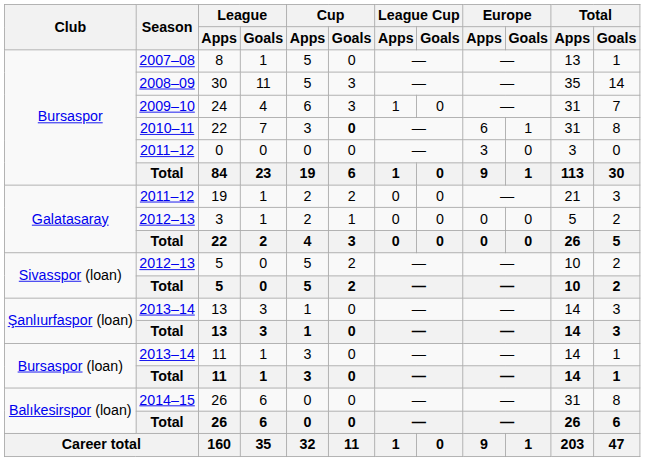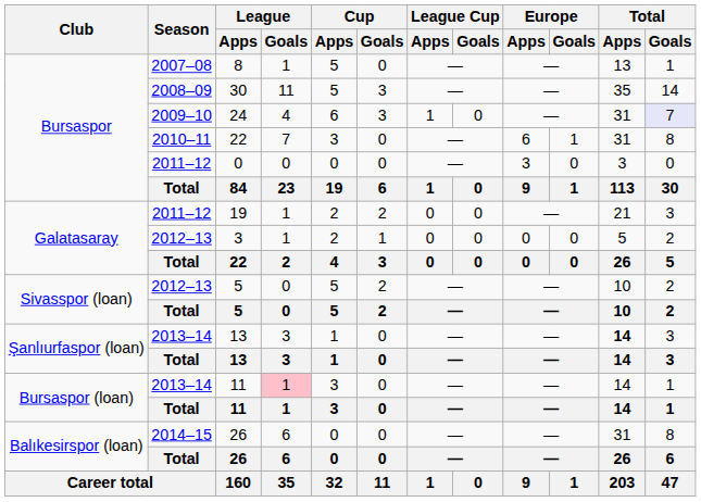 <table class="wikitable" style="text-align: center;">
 <tr>
 <th rowspan="2">Club</th>
 <th rowspan="2">Season</th>
 <th colspan="2">League</th>
 <th colspan="2">Cup</th>
 <th colspan="2">League Cup</th>
 <th colspan="2">Europe</th>
 <th colspan="2">Total</th>
 </tr>
 <tr>
 <th>Apps</th>
 <th>Goals</th>
 <th>Apps</th>
 <th>Goals</th>
 <th>Apps</th>
 <th>Goals</th>
 <th>Apps</th>
 <th>Goals</th>
 <th>Apps</th>
 <th>Goals</th>
 </tr>
 <tr>
 <td rowspan="6" valign="center"><a href='#'>Bursaspor</a></td>
 <td><a href='#'>2007–08</a></td>
 <td>8</td>
 <td>1</td>
 <td>5</td>
 <td>0</td>
 <td colspan="2">—</td>
 <td colspan="2">—</td>
 <td>13</td>
 <td>1</td>
 </tr>
 <tr>
 <td><a href='#'>2008–09</a></td>
 <td>30</td>
 <td>11</td>
 <td>5</td>
 <td>3</td>
 <td colspan="2">—</td>
 <td colspan="2">—</td>
 <td>35</td>
 <td>14</td>
 </tr>
 <tr>
 <td><a href='#'>2009–10</a></td>
 <td>24</td>
 <td>4</td>
 <td>6</td>
 <td>3</td>
 <td>1</td>
 <td>0</td>
 <td colspan="2">—</td>
 <td>31</td>
-<td>7</td>
+<td style="background: lavender;">7</td>
 </tr>
 <tr>
 <td><a href='#'>2010–11</a></td>
 <td>22</td>
 <td>7</td>
 <td>3</td>
-<td><strong>0</strong></td>
+<td>0</td>
 <td colspan="2">—</td>
 <td>6</td>
 <td>1</td>
 <td>31</td>
 <td>8</td>
 </tr>
 <tr>
 <td><a href='#'>2011–12</a></td>
 <td>0</td>
 <td>0</td>
 <td>0</td>
 <td>0</td>
 <td colspan="2">—</td>
 <td>3</td>
 <td>0</td>
 <td>3</td>
 <td>0</td>
 </tr>
 <tr>
 <th>Total</th>
 <th>84</th>
 <th>23</th>
 <th>19</th>
 <th>6</th>
 <th>1</th>
 <th>0</th>
 <th>9</th>
 <th>1</th>
 <th>113</th>
 <th>30</th>
 </tr>
 <tr>
 <td rowspan="3" valign="center"><a href='#'>Galatasaray</a></td>
 <td><a href='#'>2011–12</a></td>
 <td>19</td>
 <td>1</td>
 <td>2</td>
 <td>2</td>
 <td>0</td>
 <td>0</td>
 <td colspan="2">—</td>
 <td>21</td>
 <td>3</td>
 </tr>
 <tr>
 <td><a href='#'>2012–13</a></td>
 <td>3</td>
 <td>1</td>
 <td>2</td>
 <td>1</td>
 <td>0</td>
 <td>0</td>
 <td>0</td>
 <td>0</td>
 <td>5</td>
 <td>2</td>
 </tr>
 <tr>
 <th>Total</th>
 <th>22</th>
 <th>2</th>
 <th>4</th>
 <th>3</th>
 <th>0</th>
 <th>0</th>
 <th>0</th>
 <th>0</th>
 <th>26</th>
 <th>5</th>
 </tr>
 <tr>
 <td rowspan="2" valign="center"><a href='#'>Sivasspor</a> (loan)</td>
 <td><a href='#'>2012–13</a></td>
 <td>5</td>
 <td>0</td>
 <td>5</td>
 <td>2</td>
 <td colspan="2">—</td>
 <td colspan="2">—</td>
 <td>10</td>
 <td>2</td>
 </tr>
 <tr>
 <th>Total</th>
 <th>5</th>
 <th>0</th>
 <th>5</th>
 <th>2</th>
 <th colspan="2">—</th>
 <th colspan="2">—</th>
 <th>10</th>
 <th>2</th>
 </tr>
 <tr>
 <td rowspan="2" valign="center"><a href='#'>Şanlıurfaspor</a> (loan)</td>
 <td><a href='#'>2013–14</a></td>
 <td>13</td>
 <td>3</td>
 <td>1</td>
 <td>0</td>
 <td colspan="2">—</td>
 <td colspan="2">—</td>
-<td>14</td>
+<td><strong>14</strong></td>
 <td>3</td>
 </tr>
 <tr>
 <th>Total</th>
 <th>13</th>
 <th>3</th>
 <th>1</th>
 <th>0</th>
 <th colspan="2">—</th>
 <th colspan="2">—</th>
 <th>14</th>
 <th>3</th>
 </tr>
 <tr>
 <td rowspan="2" valign="center"><a href='#'>Bursaspor</a> (loan)</td>
 <td><a href='#'>2013–14</a></td>
 <td>11</td>
-<td>1</td>
+<td style="background: pink;">1</td>
 <td>3</td>
 <td>0</td>
 <td colspan="2">—</td>
 <td colspan="2">—</td>
 <td>14</td>
 <td>1</td>
 </tr>
 <tr>
 <th>Total</th>
 <th>11</th>
 <th>1</th>
 <th>3</th>
 <th>0</th>
 <th colspan="2">—</th>
 <th colspan="2">—</th>
 <th>14</th>
 <th>1</th>
 </tr>
 <tr>
 <td rowspan="2" valign="center"><a href='#'>Balıkesirspor</a> (loan)</td>
 <td><a href='#'>2014–15</a></td>
 <td>26</td>
 <td>6</td>
 <td>0</td>
 <td>0</td>
 <td colspan="2">—</td>
 <td colspan="2">—</td>
 <td>31</td>
 <td>8</td>
 </tr>
 <tr>
 <th>Total</th>
 <th>26</th>
 <th>6</th>
 <th>0</th>
 <th>0</th>
 <th colspan="2">—</th>
 <th colspan="2">—</th>
 <th>26</th>
 <th>6</th>
 </tr>
 <tr>
 <th colspan="2">Career total</th>
 <th>160</th>
 <th>35</th>
 <th>32</th>
 <th>11</th>
 <th>1</th>
 <th>0</th>
 <th>9</th>
 <th>1</th>
 <th>203</th>
 <th>47</th>
 </tr>
 </table>
